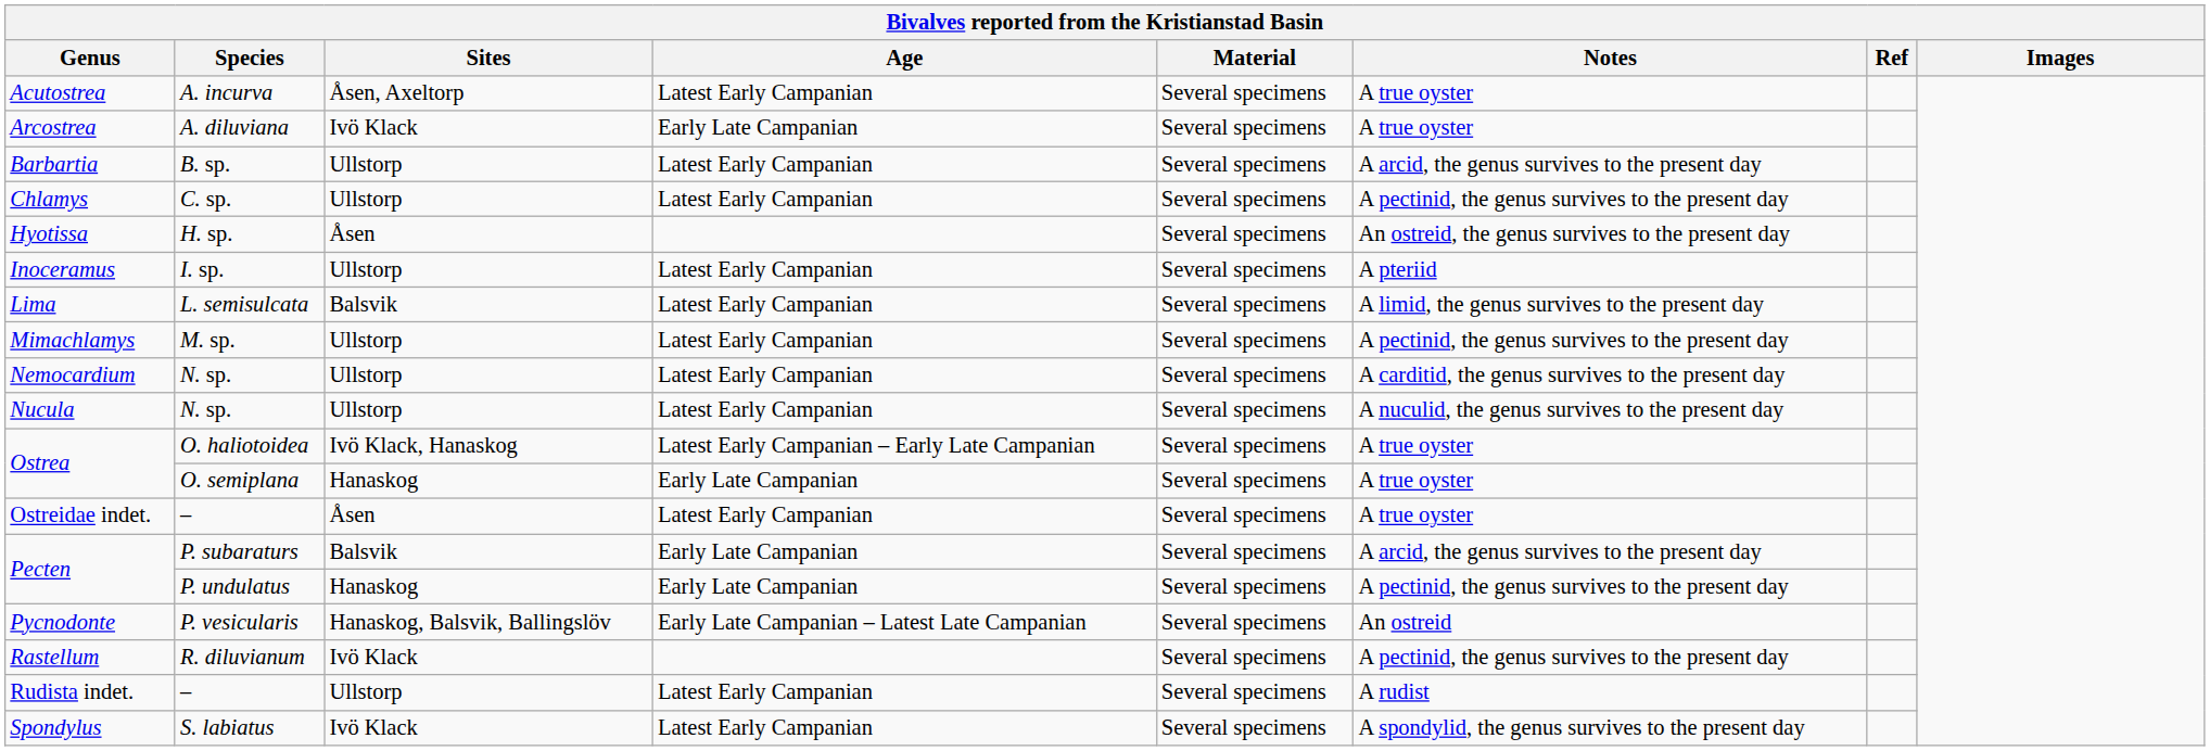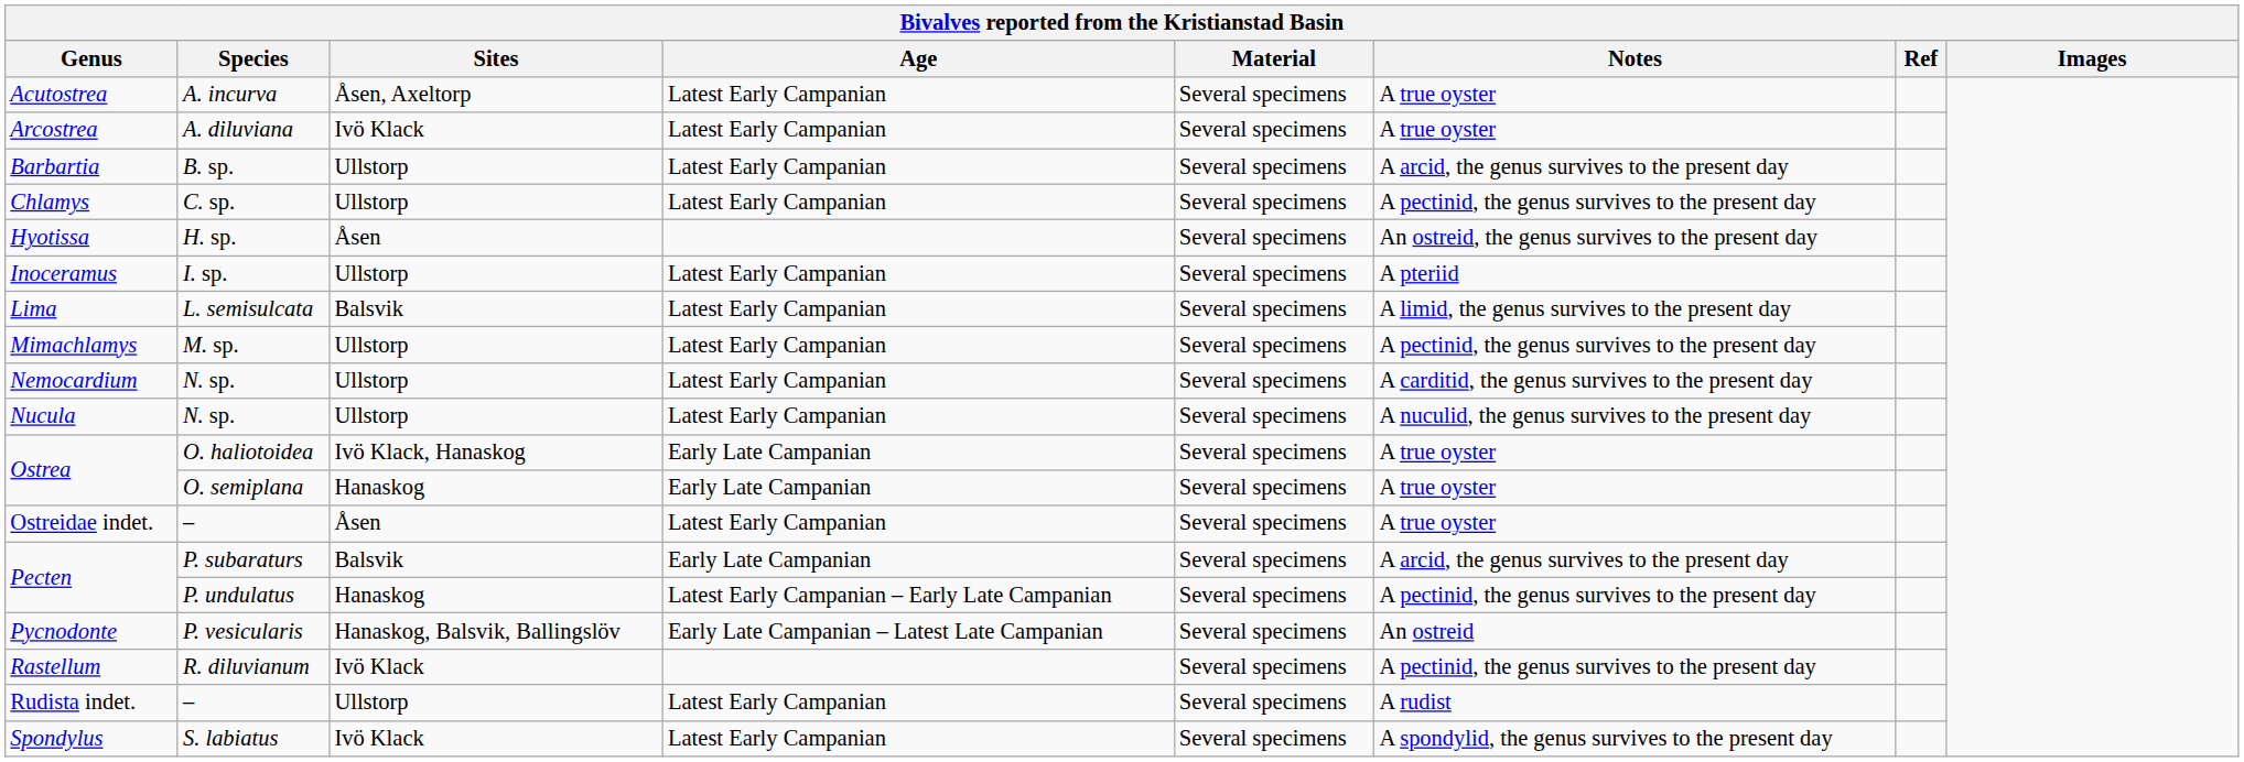 <table class="wikitable sortable mw-collapsible" style="width:100%">
 <tr>
 <th colspan="8" style="text-align:center;"><strong><a href='#'>Bivalves</a> reported from the Kristianstad Basin</strong></th>
 </tr>
 <tr>
 <th>Genus</th>
 <th width="100px">Species</th>
 <th>Sites</th>
 <th>Age</th>
 <th>Material</th>
 <th>Notes</th>
 <th>Ref</th>
 <th width="200px">Images</th>
 </tr>
 <tr>
 <td><em><a href='#'>Acutostrea</a></em></td>
 <td><em>A. incurva</em></td>
 <td>Åsen, Axeltorp</td>
 <td>Latest Early Campanian</td>
 <td>Several specimens</td>
 <td>A <a href='#'>true oyster</a></td>
 <td></td>
 <td rowspan="19"><br>   </td>
 </tr>
 <tr>
 <td><em><a href='#'>Arcostrea</a></em></td>
 <td><em>A. diluviana</em></td>
 <td>Ivö Klack</td>
-<td>Early Late Campanian</td>
+<td>Latest Early Campanian</td>
 <td>Several specimens</td>
 <td>A <a href='#'>true oyster</a></td>
 <td></td>
 </tr>
 <tr>
 <td><em><a href='#'>Barbartia</a></em></td>
 <td><em>B.</em> sp.</td>
 <td>Ullstorp</td>
 <td>Latest Early Campanian</td>
 <td>Several specimens</td>
 <td>A <a href='#'>arcid</a>, the genus survives to the present day</td>
 <td></td>
 </tr>
 <tr>
 <td><em><a href='#'>Chlamys</a></em></td>
 <td><em>C.</em> sp.</td>
 <td>Ullstorp</td>
 <td>Latest Early Campanian</td>
 <td>Several specimens</td>
 <td>A <a href='#'>pectinid</a>, the genus survives to the present day</td>
 <td></td>
 </tr>
 <tr>
 <td><em><a href='#'>Hyotissa</a></em></td>
 <td><em>H.</em> sp.</td>
 <td>Åsen</td>
 <td></td>
 <td>Several specimens</td>
 <td>An <a href='#'>ostreid</a>, the genus survives to the present day</td>
 <td></td>
 </tr>
 <tr>
 <td><em><a href='#'>Inoceramus</a></em></td>
 <td><em>I.</em> sp.</td>
 <td>Ullstorp</td>
 <td>Latest Early Campanian</td>
 <td>Several specimens</td>
 <td>A <a href='#'>pteriid</a></td>
 <td></td>
 </tr>
 <tr>
 <td><em><a href='#'>Lima</a></em></td>
 <td><em>L. semisulcata</em></td>
 <td>Balsvik</td>
 <td>Latest Early Campanian</td>
 <td>Several specimens</td>
 <td>A <a href='#'>limid</a>, the genus survives to the present day</td>
 <td></td>
 </tr>
 <tr>
 <td><em><a href='#'>Mimachlamys</a></em></td>
 <td><em>M.</em> sp.</td>
 <td>Ullstorp</td>
 <td>Latest Early Campanian</td>
 <td>Several specimens</td>
 <td>A <a href='#'>pectinid</a>, the genus survives to the present day</td>
 <td></td>
 </tr>
 <tr>
 <td><em><a href='#'>Nemocardium</a></em></td>
 <td><em>N.</em> sp.</td>
 <td>Ullstorp</td>
 <td>Latest Early Campanian</td>
 <td>Several specimens</td>
 <td>A <a href='#'>carditid</a>, the genus survives to the present day</td>
 <td></td>
 </tr>
 <tr>
 <td><em><a href='#'>Nucula</a></em></td>
 <td><em>N.</em> sp.</td>
 <td>Ullstorp</td>
 <td>Latest Early Campanian</td>
 <td>Several specimens</td>
 <td>A <a href='#'>nuculid</a>, the genus survives to the present day</td>
 <td></td>
 </tr>
 <tr>
 <td rowspan="2"><em><a href='#'>Ostrea</a></em></td>
 <td><em>O. haliotoidea</em></td>
 <td>Ivö Klack, Hanaskog</td>
-<td>Latest Early Campanian – Early Late Campanian</td>
+<td>Early Late Campanian</td>
 <td>Several specimens</td>
 <td>A <a href='#'>true oyster</a></td>
 <td></td>
 </tr>
 <tr>
 <td><em>O. semiplana</em></td>
 <td>Hanaskog</td>
 <td>Early Late Campanian</td>
 <td>Several specimens</td>
 <td>A <a href='#'>true oyster</a></td>
 <td></td>
 </tr>
 <tr>
 <td><a href='#'>Ostreidae</a> indet.</td>
 <td>–</td>
 <td>Åsen</td>
 <td>Latest Early Campanian</td>
 <td>Several specimens</td>
 <td>A <a href='#'>true oyster</a></td>
 <td></td>
 </tr>
 <tr>
 <td rowspan="2"><em><a href='#'>Pecten</a></em></td>
 <td><em>P. subaraturs</em></td>
 <td>Balsvik</td>
 <td>Early Late Campanian</td>
 <td>Several specimens</td>
 <td>A <a href='#'>arcid</a>, the genus survives to the present day</td>
 <td></td>
 </tr>
 <tr>
 <td><em>P. undulatus</em></td>
 <td>Hanaskog</td>
-<td>Early Late Campanian</td>
+<td>Latest Early Campanian – Early Late Campanian</td>
 <td>Several specimens</td>
 <td>A <a href='#'>pectinid</a>, the genus survives to the present day</td>
 <td></td>
 </tr>
 <tr>
 <td><em><a href='#'>Pycnodonte</a></em></td>
 <td><em>P. vesicularis</em></td>
 <td>Hanaskog, Balsvik, Ballingslöv</td>
 <td>Early Late Campanian – Latest Late Campanian</td>
 <td>Several specimens</td>
 <td>An <a href='#'>ostreid</a></td>
 <td></td>
 </tr>
 <tr>
 <td><em><a href='#'>Rastellum</a></em></td>
 <td><em>R. diluvianum</em></td>
 <td>Ivö Klack</td>
 <td></td>
 <td>Several specimens</td>
 <td>A <a href='#'>pectinid</a>, the genus survives to the present day</td>
 <td></td>
 </tr>
 <tr>
 <td><a href='#'>Rudista</a> indet.</td>
 <td>–</td>
 <td>Ullstorp</td>
 <td>Latest Early Campanian</td>
 <td>Several specimens</td>
 <td>A <a href='#'>rudist</a></td>
 <td></td>
 </tr>
 <tr>
 <td><em><a href='#'>Spondylus</a></em></td>
 <td><em>S. labiatus</em></td>
 <td>Ivö Klack</td>
 <td>Latest Early Campanian</td>
 <td>Several specimens</td>
 <td>A <a href='#'>spondylid</a>, the genus survives to the present day</td>
 <td></td>
 </tr>
 </table>
